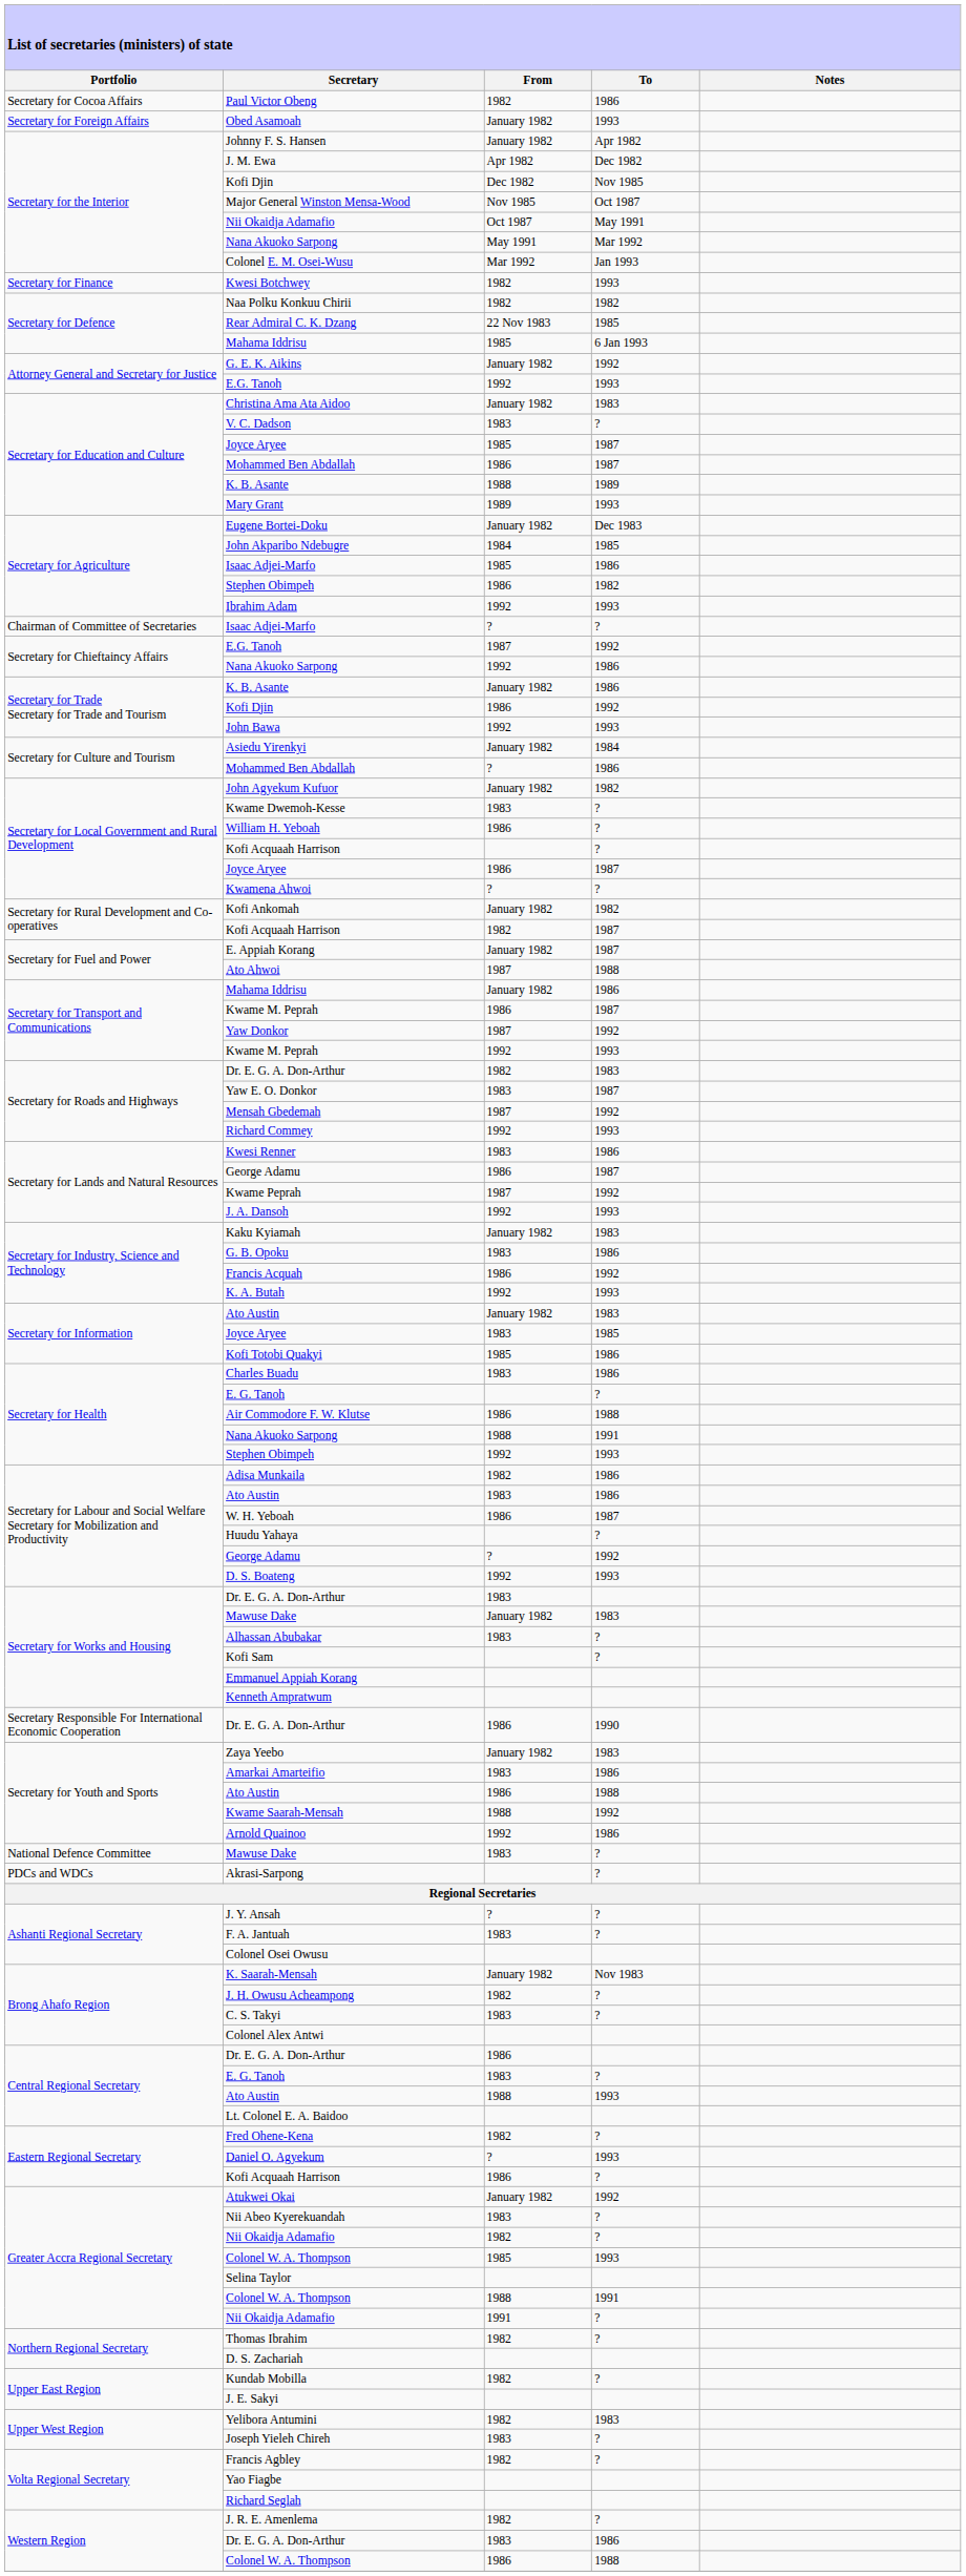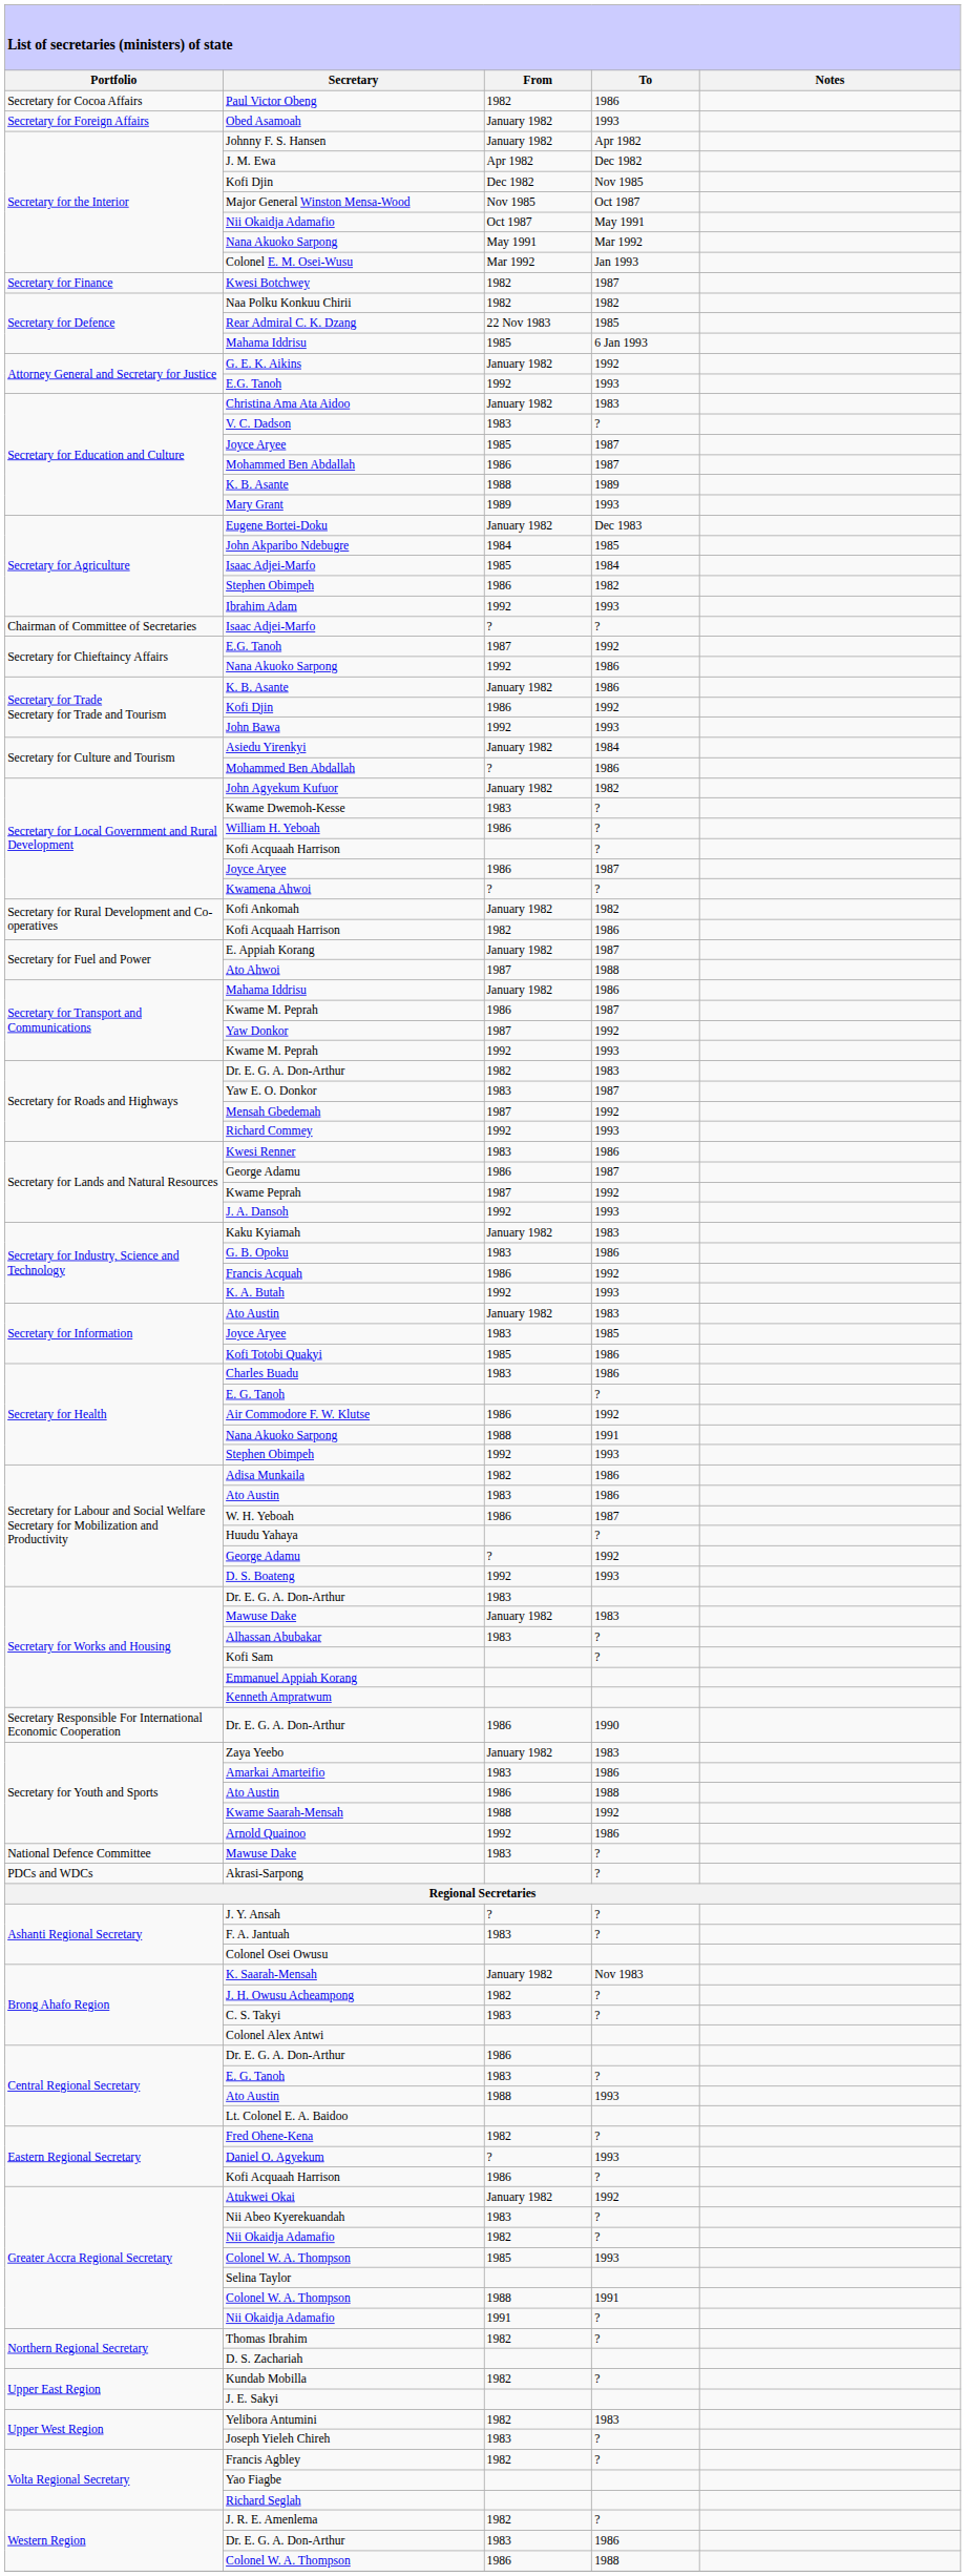 <table class="wikitable" style="font-size:90%; text-align:left;">
 <tr>
 <td colspan=6 bgcolor=ccccff><br><h3>List of secretaries (ministers) of state</h3></td>
 </tr>
 <tr>
 <th width=250>Portfolio</th>
 <th width=300>Secretary</th>
 <th width=120>From</th>
 <th width=120>To</th>
 <th width=300>Notes</th>
 </tr>
 <tr>
 <td>Secretary for Cocoa Affairs</td>
 <td><a href='#'>Paul Victor Obeng</a></td>
 <td>1982</td>
 <td>1986</td>
 <td></td>
 </tr>
 <tr>
 <td><a href='#'>Secretary for Foreign Affairs</a></td>
 <td><a href='#'>Obed Asamoah</a></td>
 <td>January 1982</td>
 <td>1993</td>
 <td></td>
 </tr>
 <tr>
 <td rowspan=7><a href='#'>Secretary for the Interior</a></td>
 <td>Johnny F. S. Hansen</td>
 <td>January 1982</td>
 <td>Apr 1982</td>
 <td></td>
 </tr>
 <tr>
 <td>J. M. Ewa</td>
 <td>Apr 1982</td>
 <td>Dec 1982</td>
 <td></td>
 </tr>
 <tr>
 <td>Kofi Djin</td>
 <td>Dec 1982</td>
 <td>Nov 1985</td>
 <td></td>
 </tr>
 <tr>
 <td>Major General <a href='#'>Winston Mensa-Wood</a></td>
 <td>Nov 1985</td>
 <td>Oct 1987</td>
 <td></td>
 </tr>
 <tr>
 <td><a href='#'>Nii Okaidja Adamafio</a></td>
 <td>Oct 1987</td>
 <td>May 1991</td>
 <td></td>
 </tr>
 <tr>
 <td><a href='#'>Nana Akuoko Sarpong</a></td>
 <td>May 1991</td>
 <td>Mar 1992</td>
 <td></td>
 </tr>
 <tr>
 <td>Colonel <a href='#'>E. M. Osei-Wusu</a></td>
 <td>Mar 1992</td>
 <td>Jan 1993</td>
 <td></td>
 </tr>
 <tr>
 <td><a href='#'>Secretary for Finance</a></td>
 <td><a href='#'>Kwesi Botchwey</a></td>
 <td>1982</td>
-<td>1993</td>
+<td>1987</td>
 <td></td>
 </tr>
 <tr>
 <td rowspan=3><a href='#'>Secretary for Defence</a></td>
 <td>Naa Polku Konkuu Chirii</td>
 <td>1982</td>
 <td>1982</td>
 <td></td>
 </tr>
 <tr>
 <td><a href='#'>Rear Admiral C. K. Dzang</a></td>
 <td>22 Nov 1983</td>
 <td>1985</td>
 <td></td>
 </tr>
 <tr>
 <td><a href='#'>Mahama Iddrisu</a></td>
 <td>1985</td>
 <td>6 Jan 1993</td>
 <td></td>
 </tr>
 <tr>
 <td rowspan=2><a href='#'>Attorney General and Secretary for Justice</a></td>
 <td><a href='#'>G. E. K. Aikins</a></td>
 <td>January 1982</td>
 <td>1992</td>
 <td></td>
 </tr>
 <tr>
 <td><a href='#'>E.G. Tanoh</a></td>
 <td>1992</td>
 <td>1993</td>
 <td></td>
 </tr>
 <tr>
 <td rowspan=6><a href='#'>Secretary for Education and Culture</a></td>
 <td><a href='#'>Christina Ama Ata Aidoo</a></td>
 <td>January 1982</td>
 <td>1983</td>
 <td></td>
 </tr>
 <tr>
 <td><a href='#'>V. C. Dadson</a></td>
 <td>1983</td>
 <td>?</td>
 <td></td>
 </tr>
 <tr>
 <td><a href='#'>Joyce Aryee</a></td>
 <td>1985</td>
 <td>1987</td>
 <td></td>
 </tr>
 <tr>
 <td><a href='#'>Mohammed Ben Abdallah</a></td>
 <td>1986</td>
 <td>1987</td>
 <td></td>
 </tr>
 <tr>
 <td><a href='#'>K. B. Asante</a></td>
 <td>1988</td>
 <td>1989</td>
 <td></td>
 </tr>
 <tr>
 <td><a href='#'>Mary Grant</a></td>
 <td>1989</td>
 <td>1993</td>
 <td></td>
 </tr>
 <tr>
 <td rowspan=5><a href='#'>Secretary for Agriculture</a></td>
 <td><a href='#'>Eugene Bortei-Doku</a></td>
 <td>January 1982</td>
 <td>Dec 1983</td>
 <td></td>
 </tr>
 <tr>
 <td><a href='#'>John Akparibo Ndebugre</a></td>
 <td>1984</td>
 <td>1985</td>
 <td></td>
 </tr>
 <tr>
 <td><a href='#'>Isaac Adjei-Marfo</a></td>
 <td>1985</td>
-<td>1986</td>
+<td>1984</td>
 <td></td>
 </tr>
 <tr>
 <td><a href='#'>Stephen Obimpeh</a></td>
 <td>1986</td>
 <td>1982</td>
 <td></td>
 </tr>
 <tr>
 <td><a href='#'>Ibrahim Adam</a></td>
 <td>1992</td>
 <td>1993</td>
 <td></td>
 </tr>
 <tr>
 <td>Chairman of Committee of Secretaries</td>
 <td><a href='#'>Isaac Adjei-Marfo</a></td>
 <td>?</td>
 <td>?</td>
 <td></td>
 </tr>
 <tr>
 <td rowspan=2>Secretary for Chieftaincy Affairs</td>
 <td><a href='#'>E.G. Tanoh</a></td>
 <td>1987</td>
 <td>1992</td>
 <td></td>
 </tr>
 <tr>
 <td><a href='#'>Nana Akuoko Sarpong</a></td>
 <td>1992</td>
 <td>1986</td>
 <td></td>
 </tr>
 <tr>
 <td rowspan=3><a href='#'>Secretary for Trade</a><br>Secretary for Trade and Tourism</td>
 <td><a href='#'>K. B. Asante</a></td>
 <td>January 1982</td>
 <td>1986</td>
 <td></td>
 </tr>
 <tr>
 <td><a href='#'>Kofi Djin</a></td>
 <td>1986</td>
 <td>1992</td>
 <td></td>
 </tr>
 <tr>
 <td><a href='#'>John Bawa</a></td>
 <td>1992</td>
 <td>1993</td>
 <td></td>
 </tr>
 <tr>
 <td rowspan=2>Secretary for Culture and Tourism</td>
 <td><a href='#'>Asiedu Yirenkyi</a></td>
 <td>January 1982</td>
 <td>1984</td>
 <td></td>
 </tr>
 <tr>
 <td><a href='#'>Mohammed Ben Abdallah</a></td>
 <td>?</td>
 <td>1986</td>
 <td></td>
 </tr>
 <tr>
 <td rowspan=6><a href='#'>Secretary for Local Government and Rural Development</a></td>
 <td><a href='#'>John Agyekum Kufuor</a></td>
 <td>January 1982</td>
 <td>1982</td>
 <td></td>
 </tr>
 <tr>
 <td>Kwame Dwemoh-Kesse</td>
 <td>1983</td>
 <td>?</td>
 <td></td>
 </tr>
 <tr>
 <td><a href='#'>William H. Yeboah</a></td>
 <td>1986</td>
 <td>?</td>
 <td></td>
 </tr>
 <tr>
 <td>Kofi Acquaah Harrison</td>
 <td></td>
 <td>?</td>
 <td></td>
 </tr>
 <tr>
 <td><a href='#'>Joyce Aryee</a></td>
 <td>1986</td>
 <td>1987</td>
 <td></td>
 </tr>
 <tr>
 <td><a href='#'>Kwamena Ahwoi</a></td>
 <td>?</td>
 <td>?</td>
 <td></td>
 </tr>
 <tr>
 <td rowspan=2>Secretary for Rural Development and Co-operatives</td>
 <td>Kofi Ankomah</td>
 <td>January 1982</td>
 <td>1982</td>
 <td></td>
 </tr>
 <tr>
 <td>Kofi Acquaah Harrison</td>
 <td>1982</td>
-<td>1987</td>
+<td>1986</td>
 <td></td>
 </tr>
 <tr>
 <td rowspan=2>Secretary for Fuel and Power</td>
 <td>E. Appiah Korang</td>
 <td>January 1982</td>
 <td>1987</td>
 <td></td>
 </tr>
 <tr>
 <td><a href='#'>Ato Ahwoi</a></td>
 <td>1987</td>
 <td>1988</td>
 <td></td>
 </tr>
 <tr>
 <td rowspan=4><a href='#'>Secretary for Transport and Communications</a></td>
 <td><a href='#'>Mahama Iddrisu</a></td>
 <td>January 1982</td>
 <td>1986</td>
 <td></td>
 </tr>
 <tr>
 <td>Kwame M. Peprah</td>
 <td>1986</td>
 <td>1987</td>
 <td></td>
 </tr>
 <tr>
 <td><a href='#'>Yaw Donkor</a></td>
 <td>1987</td>
 <td>1992</td>
 <td></td>
 </tr>
 <tr>
 <td>Kwame M. Peprah</td>
 <td>1992</td>
 <td>1993</td>
 <td></td>
 </tr>
 <tr>
 <td rowspan="4">Secretary for Roads and Highways</td>
 <td>Dr. E. G. A. Don-Arthur</td>
 <td>1982</td>
 <td>1983</td>
 <td></td>
 </tr>
 <tr>
 <td>Yaw E. O. Donkor</td>
 <td>1983</td>
 <td>1987</td>
 <td></td>
 </tr>
 <tr>
 <td><a href='#'>Mensah Gbedemah</a></td>
 <td>1987</td>
 <td>1992</td>
 <td></td>
 </tr>
 <tr>
 <td><a href='#'>Richard Commey</a></td>
 <td>1992</td>
 <td>1993</td>
 <td></td>
 </tr>
 <tr>
 <td rowspan=4>Secretary for Lands and Natural Resources</td>
 <td><a href='#'>Kwesi Renner</a></td>
 <td>1983</td>
 <td>1986</td>
 <td></td>
 </tr>
 <tr>
 <td>George Adamu</td>
 <td>1986</td>
 <td>1987</td>
 <td></td>
 </tr>
 <tr>
 <td>Kwame Peprah</td>
 <td>1987</td>
 <td>1992</td>
 <td></td>
 </tr>
 <tr>
 <td><a href='#'>J. A. Dansoh</a></td>
 <td>1992</td>
 <td>1993</td>
 <td></td>
 </tr>
 <tr>
 <td rowspan=4><a href='#'>Secretary for Industry, Science and Technology</a></td>
 <td>Kaku Kyiamah</td>
 <td>January 1982</td>
 <td>1983</td>
 <td></td>
 </tr>
 <tr>
 <td><a href='#'>G. B. Opoku</a></td>
 <td>1983</td>
 <td>1986</td>
 <td></td>
 </tr>
 <tr>
 <td><a href='#'>Francis Acquah</a></td>
 <td>1986</td>
 <td>1992</td>
 <td></td>
 </tr>
 <tr>
 <td><a href='#'>K. A. Butah</a></td>
 <td>1992</td>
 <td>1993</td>
 <td></td>
 </tr>
 <tr>
 <td rowspan=3><a href='#'>Secretary for Information</a></td>
 <td><a href='#'>Ato Austin</a></td>
 <td>January 1982</td>
 <td>1983</td>
 <td></td>
 </tr>
 <tr>
 <td><a href='#'>Joyce Aryee</a></td>
 <td>1983</td>
 <td>1985</td>
 <td></td>
 </tr>
 <tr>
 <td><a href='#'>Kofi Totobi Quakyi</a></td>
 <td>1985</td>
 <td>1986</td>
 <td></td>
 </tr>
 <tr>
 <td rowspan=5><a href='#'>Secretary for Health</a></td>
 <td><a href='#'>Charles Buadu</a></td>
 <td>1983</td>
 <td>1986</td>
 <td></td>
 </tr>
 <tr>
 <td><a href='#'>E. G. Tanoh</a></td>
 <td></td>
 <td>?</td>
 <td></td>
 </tr>
 <tr>
 <td><a href='#'>Air Commodore F. W. Klutse</a></td>
 <td>1986</td>
-<td>1988</td>
+<td>1992</td>
 <td></td>
 </tr>
 <tr>
 <td><a href='#'>Nana Akuoko Sarpong</a></td>
 <td>1988</td>
 <td>1991</td>
 <td></td>
 </tr>
 <tr>
 <td><a href='#'>Stephen Obimpeh</a></td>
 <td>1992</td>
 <td>1993</td>
 <td></td>
 </tr>
 <tr>
 <td rowspan=6>Secretary for Labour and Social Welfare<br>Secretary for Mobilization and Productivity</td>
 <td><a href='#'>Adisa Munkaila</a></td>
 <td>1982</td>
 <td>1986</td>
 <td></td>
 </tr>
 <tr>
 <td><a href='#'>Ato Austin</a></td>
 <td>1983</td>
 <td>1986</td>
 <td></td>
 </tr>
 <tr>
 <td>W. H. Yeboah</td>
 <td>1986</td>
 <td>1987</td>
 <td></td>
 </tr>
 <tr>
 <td>Huudu Yahaya</td>
 <td></td>
 <td>?</td>
 <td></td>
 </tr>
 <tr>
 <td><a href='#'>George Adamu</a></td>
 <td>?</td>
 <td>1992</td>
 <td></td>
 </tr>
 <tr>
 <td><a href='#'>D. S. Boateng</a></td>
 <td>1992</td>
 <td>1993</td>
 <td></td>
 </tr>
 <tr>
 <td rowspan="6"><a href='#'>Secretary for Works and Housing</a></td>
 <td>Dr. E. G. A. Don-Arthur</td>
 <td>1983</td>
 <td></td>
 <td></td>
 </tr>
 <tr>
 <td><a href='#'>Mawuse Dake</a></td>
 <td>January 1982</td>
 <td>1983</td>
 <td></td>
 </tr>
 <tr>
 <td><a href='#'>Alhassan Abubakar</a></td>
 <td>1983</td>
 <td>?</td>
 <td></td>
 </tr>
 <tr>
 <td>Kofi Sam</td>
 <td></td>
 <td>?</td>
 <td></td>
 </tr>
 <tr>
 <td><a href='#'>Emmanuel Appiah Korang</a></td>
 <td></td>
 <td></td>
 <td></td>
 </tr>
 <tr>
 <td><a href='#'>Kenneth Ampratwum</a></td>
 <td></td>
 <td></td>
 <td></td>
 </tr>
 <tr>
 <td>Secretary Responsible For International Economic Cooperation</td>
 <td>Dr. E. G. A. Don-Arthur</td>
 <td>1986</td>
 <td>1990</td>
 <td></td>
 </tr>
 <tr>
 <td rowspan=5>Secretary for Youth and Sports</td>
 <td>Zaya Yeebo</td>
 <td>January 1982</td>
 <td>1983</td>
 <td></td>
 </tr>
 <tr>
 <td><a href='#'>Amarkai Amarteifio</a></td>
 <td>1983</td>
 <td>1986</td>
 <td></td>
 </tr>
 <tr>
 <td><a href='#'>Ato Austin</a></td>
 <td>1986</td>
 <td>1988</td>
 <td></td>
 </tr>
 <tr>
 <td><a href='#'>Kwame Saarah-Mensah</a></td>
 <td>1988</td>
 <td>1992</td>
 <td></td>
 </tr>
 <tr>
 <td><a href='#'>Arnold Quainoo</a></td>
 <td>1992</td>
 <td>1986</td>
 <td></td>
 </tr>
 <tr>
 <td>National Defence Committee</td>
 <td><a href='#'>Mawuse Dake</a></td>
 <td>1983</td>
 <td>?</td>
 <td></td>
 </tr>
 <tr>
 <td>PDCs and WDCs</td>
 <td>Akrasi-Sarpong</td>
 <td></td>
 <td>?</td>
 <td></td>
 </tr>
 <tr>
 <th colspan=5>Regional Secretaries</th>
 </tr>
 <tr>
 <td rowspan=3><a href='#'>Ashanti Regional Secretary</a></td>
 <td>J. Y. Ansah</td>
 <td>?</td>
 <td>?</td>
 <td></td>
 </tr>
 <tr>
 <td>F. A. Jantuah</td>
 <td>1983</td>
 <td>?</td>
 <td></td>
 </tr>
 <tr>
 <td>Colonel Osei Owusu</td>
 <td></td>
 <td></td>
 <td></td>
 </tr>
 <tr>
 <td rowspan=4><a href='#'>Brong Ahafo Region</a></td>
 <td><a href='#'>K. Saarah-Mensah</a></td>
 <td>January 1982</td>
 <td>Nov 1983</td>
 <td></td>
 </tr>
 <tr>
 <td><a href='#'>J. H. Owusu Acheampong</a></td>
 <td>1982</td>
 <td>?</td>
 <td></td>
 </tr>
 <tr>
 <td>C. S. Takyi</td>
 <td>1983</td>
 <td>?</td>
 <td></td>
 </tr>
 <tr>
 <td>Colonel Alex Antwi</td>
 <td></td>
 <td></td>
 <td></td>
 </tr>
 <tr>
 <td rowspan=4><a href='#'>Central Regional Secretary</a></td>
 <td>Dr. E. G. A. Don-Arthur</td>
 <td>1986</td>
 <td></td>
 </tr>
 <tr>
 <td><a href='#'>E. G. Tanoh</a></td>
 <td>1983</td>
 <td>?</td>
 <td></td>
 </tr>
 <tr>
 <td><a href='#'>Ato Austin</a></td>
 <td>1988</td>
 <td>1993</td>
 <td></td>
 </tr>
 <tr>
 <td>Lt. Colonel E. A. Baidoo</td>
 <td></td>
 <td></td>
 <td></td>
 </tr>
 <tr>
 <td rowspan=3><a href='#'>Eastern Regional Secretary</a></td>
 <td><a href='#'>Fred Ohene-Kena</a></td>
 <td>1982</td>
 <td>?</td>
 <td></td>
 </tr>
 <tr>
 <td><a href='#'>Daniel O. Agyekum</a></td>
 <td>?</td>
 <td>1993</td>
 <td></td>
 </tr>
 <tr>
 <td>Kofi Acquaah Harrison</td>
 <td>1986</td>
 <td>?</td>
 <td></td>
 </tr>
 <tr>
 <td rowspan=7><a href='#'>Greater Accra Regional Secretary</a></td>
 <td><a href='#'>Atukwei Okai</a></td>
 <td>January 1982</td>
 <td>1992</td>
 <td></td>
 </tr>
 <tr>
 <td>Nii Abeo Kyerekuandah</td>
 <td>1983</td>
 <td>?</td>
 <td></td>
 </tr>
 <tr>
 <td><a href='#'>Nii Okaidja Adamafio</a></td>
 <td>1982</td>
 <td>?</td>
 <td></td>
 </tr>
 <tr>
 <td><a href='#'>Colonel W. A. Thompson</a></td>
 <td>1985</td>
 <td>1993</td>
 <td></td>
 </tr>
 <tr>
 <td>Selina Taylor</td>
 <td></td>
 <td></td>
 <td></td>
 </tr>
 <tr>
 <td><a href='#'>Colonel W. A. Thompson</a></td>
 <td>1988</td>
 <td>1991</td>
 <td></td>
 </tr>
 <tr>
 <td><a href='#'>Nii Okaidja Adamafio</a></td>
 <td>1991</td>
 <td>?</td>
 <td></td>
 </tr>
 <tr>
 <td rowspan=2><a href='#'>Northern Regional Secretary</a></td>
 <td>Thomas Ibrahim</td>
 <td>1982</td>
 <td>?</td>
 <td></td>
 </tr>
 <tr>
 <td>D. S. Zachariah</td>
 <td></td>
 <td></td>
 <td></td>
 </tr>
 <tr>
 <td rowspan=2><a href='#'>Upper East Region</a></td>
 <td>Kundab Mobilla</td>
 <td>1982</td>
 <td>?</td>
 <td></td>
 </tr>
 <tr>
 <td>J. E. Sakyi</td>
 <td></td>
 <td></td>
 <td></td>
 </tr>
 <tr>
 <td rowspan=2><a href='#'>Upper West Region</a></td>
 <td>Yelibora Antumini</td>
 <td>1982</td>
 <td>1983</td>
 <td></td>
 </tr>
 <tr>
 <td>Joseph Yieleh Chireh</td>
 <td>1983</td>
 <td>?</td>
 <td></td>
 </tr>
 <tr>
 <td rowspan=3><a href='#'>Volta Regional Secretary</a></td>
 <td>Francis Agbley</td>
 <td>1982</td>
 <td>?</td>
 <td></td>
 </tr>
 <tr>
 <td>Yao Fiagbe</td>
 <td></td>
 <td></td>
 <td></td>
 </tr>
 <tr>
 <td><a href='#'>Richard Seglah</a></td>
 <td></td>
 <td></td>
 <td></td>
 </tr>
 <tr>
 <td rowspan=3><a href='#'>Western Region</a></td>
 <td>J. R. E. Amenlema</td>
 <td>1982</td>
 <td>?</td>
 <td></td>
 </tr>
 <tr>
 <td>Dr. E. G. A. Don-Arthur</td>
 <td>1983</td>
 <td>1986</td>
 <td></td>
 </tr>
 <tr>
 <td><a href='#'>Colonel W. A. Thompson</a></td>
 <td>1986</td>
 <td>1988</td>
 <td></td>
 </tr>
 <tr>
 </tr>
 </table>
